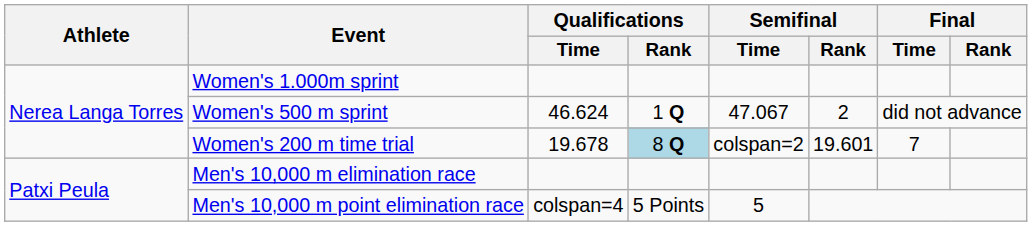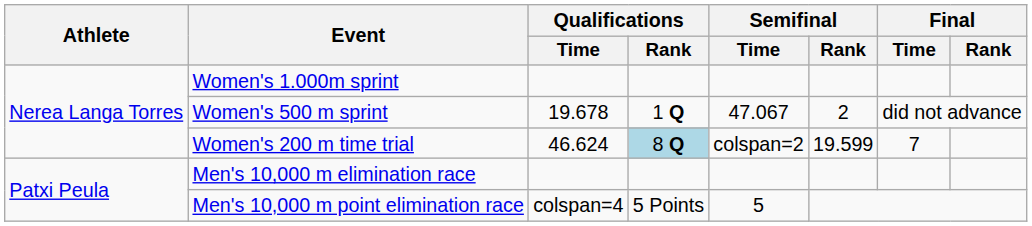 <table class=wikitable style="font-size:90%">
 <tr>
 <th rowspan="2">Athlete</th>
 <th rowspan="2">Event</th>
 <th colspan="2">Qualifications</th>
 <th colspan="2">Semifinal</th>
 <th colspan="2">Final</th>
 </tr>
 <tr style="font-size:95%">
 <th>Time</th>
 <th>Rank</th>
 <th>Time</th>
 <th>Rank</th>
 <th>Time</th>
 <th>Rank</th>
 </tr>
 <tr align=center>
 <td align=left rowspan=3><a href='#'>Nerea Langa Torres</a></td>
 <td align=left><a href='#'>Women's 1.000m sprint</a></td>
 <td></td>
 <td></td>
 <td></td>
 <td></td>
 <td></td>
 <td></td>
 </tr>
 <tr align=center>
 <td align=left><a href='#'>Women's 500 m sprint</a></td>
-<td>46.624</td>
+<td>19.678</td>
 <td>1 <strong>Q</strong></td>
 <td>47.067</td>
 <td>2</td>
 <td colspan=2>did not advance</td>
 </tr>
 <tr align=center>
 <td align=left><a href='#'>Women's 200 m time trial</a></td>
-<td>19.678</td>
+<td>46.624</td>
 <td style="background: lightblue;">8 <strong>Q</strong></td>
 <td>colspan=2 </td>
-<td>19.601</td>
+<td>19.599</td>
 <td>7</td>
 </tr>
 <tr align=center>
 <td align=left rowspan=2><a href='#'>Patxi Peula</a></td>
 <td align=left><a href='#'>Men's 10,000 m elimination race</a></td>
 <td></td>
 <td></td>
 <td></td>
 <td></td>
 <td></td>
 <td></td>
 </tr>
 <tr align=center>
 <td align=left><a href='#'>Men's 10,000 m point elimination race</a></td>
 <td>colspan=4 </td>
 <td>5 Points</td>
 <td>5</td>
 </tr>
 </table>
